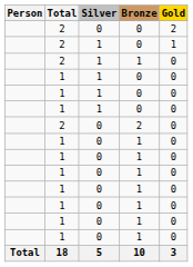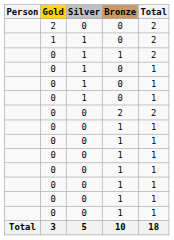 <table class="wikitable sortable" style="text-align:center">
 <tr>
 <th>Person</th>
-<th><strong>Total</strong></th>
+<th style="text-align:center;background-color:gold;">Gold</th>
 <th style="text-align:center;background-color:silver;">Silver</th>
 <th style="text-align:center;background-color:#CC9966;">Bronze</th>
-<th style="text-align:center;background-color:gold;">Gold</th>
+<th><strong>Total</strong></th>
 </tr>
 <tr>
 <td align=left></td>
 <td>2</td>
 <td>0</td>
 <td>0</td>
 <td>2</td>
 </tr>
 <tr>
 <td align=left></td>
+<td>1</td>
+<td>1</td>
+<td>0</td>
 <td>2</td>
+</tr>
+<tr>
+<td align=left></td>
+<td>0</td>
+<td>1</td>
+<td>1</td>
+<td>2</td>
+</tr>
+<tr>
+<td align=left></td>
+<td>0</td>
 <td>1</td>
 <td>0</td>
 <td>1</td>
 </tr>
 <tr>
 <td align=left></td>
-<td>2</td>
-<td>1</td>
+<td>0</td>
 <td>1</td>
 <td>0</td>
+<td>1</td>
 </tr>
 <tr>
 <td align=left></td>
-<td>1</td>
+<td>0</td>
 <td>1</td>
 <td>0</td>
-<td>0</td>
+<td>1</td>
 </tr>
 <tr>
 <td align=left></td>
-<td>1</td>
-<td>1</td>
 <td>0</td>
 <td>0</td>
+<td>2</td>
+<td>2</td>
 </tr>
 <tr>
 <td align=left></td>
+<td>0</td>
+<td>0</td>
 <td>1</td>
 <td>1</td>
-<td>0</td>
-<td>0</td>
 </tr>
 <tr>
 <td align=left></td>
-<td>2</td>
 <td>0</td>
-<td>2</td>
 <td>0</td>
+<td>1</td>
+<td>1</td>
 </tr>
 <tr>
 <td align=left></td>
-<td>1</td>
+<td>0</td>
 <td>0</td>
 <td>1</td>
-<td>0</td>
+<td>1</td>
 </tr>
 <tr>
 <td align=left></td>
-<td>1</td>
+<td>0</td>
 <td>0</td>
 <td>1</td>
-<td>0</td>
+<td>1</td>
 </tr>
 <tr>
 <td align=left></td>
-<td>1</td>
+<td>0</td>
 <td>0</td>
 <td>1</td>
-<td>0</td>
+<td>1</td>
 </tr>
 <tr>
 <td align=left></td>
-<td>1</td>
+<td>0</td>
 <td>0</td>
 <td>1</td>
-<td>0</td>
+<td>1</td>
 </tr>
 <tr>
 <td align=left></td>
-<td>1</td>
+<td>0</td>
 <td>0</td>
 <td>1</td>
-<td>0</td>
-</tr>
-<tr>
-<td align=left></td>
 <td>1</td>
-<td>0</td>
-<td>1</td>
-<td>0</td>
-</tr>
-<tr>
-<td align=left></td>
-<td>1</td>
-<td>0</td>
-<td>1</td>
-<td>0</td>
 </tr>
 <tr>
 <th>Total</th>
-<th>18</th>
+<th>3</th>
 <th>5</th>
 <th>10</th>
-<th>3</th>
+<th>18</th>
 </tr>
 </table>
